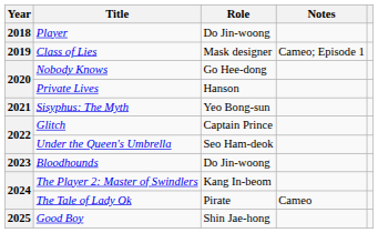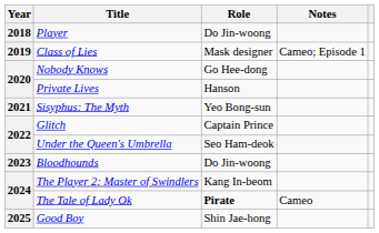 <table class="wikitable plainrowheaders sortable">
 <tr>
 <th scope="col">Year</th>
 <th scope="col">Title</th>
 <th scope="col">Role</th>
 <th scope="col" class="unsortable">Notes</th>
 <th scope="col" class="unsortable"></th>
 </tr>
 <tr>
 <th scope="row">2018</th>
 <td><em><a href='#'>Player</a></em></td>
 <td>Do Jin-woong</td>
 <td></td>
 <td style="text-align:center"></td>
 </tr>
 <tr>
 <th scope="row">2019</th>
 <td><a href='#'><em>Class of Lies</em></a></td>
 <td>Mask designer</td>
 <td>Cameo; Episode 1</td>
 <td style="text-align:center"></td>
 </tr>
 <tr>
 <th scope="row" rowspan="2">2020</th>
 <td><a href='#'><em>Nobody Knows</em></a></td>
 <td>Go Hee-dong</td>
 <td></td>
 <td style="text-align:center"></td>
 </tr>
 <tr>
 <td><a href='#'><em>Private Lives</em></a></td>
 <td>Hanson</td>
 <td></td>
 <td style="text-align:center"></td>
 </tr>
 <tr>
 <th scope="row">2021</th>
 <td><a href='#'><em>Sisyphus: The Myth</em></a></td>
 <td>Yeo Bong-sun</td>
 <td></td>
 <td style="text-align:center"></td>
 </tr>
 <tr>
 <th scope="row" rowspan="2">2022</th>
 <td><em><a href='#'>Glitch</a></em></td>
 <td>Captain Prince</td>
 <td></td>
 <td style="text-align:center"></td>
 </tr>
 <tr>
 <td><a href='#'><em>Under the Queen's Umbrella</em></a></td>
 <td>Seo Ham-deok</td>
 <td></td>
 <td style="text-align:center"></td>
 </tr>
 <tr>
 <th scope="row">2023</th>
 <td><em><a href='#'>Bloodhounds</a></em></td>
 <td>Do Jin-woong</td>
 <td></td>
 <td style="text-align:center"></td>
 </tr>
 <tr>
 <th scope="row" rowspan="2">2024</th>
 <td><em><a href='#'>The Player 2: Master of Swindlers</a></em></td>
 <td>Kang In-beom</td>
 <td></td>
 <td style="text-align:center"></td>
 </tr>
 <tr>
 <td><em><a href='#'>The Tale of Lady Ok</a></em></td>
-<td>Pirate</td>
+<td><strong>Pirate</strong></td>
 <td>Cameo</td>
 <td style="text-align: center"></td>
 </tr>
 <tr>
 <th scope="row">2025</th>
 <td><em><a href='#'>Good Boy</a></em></td>
 <td>Shin Jae-hong</td>
 <td></td>
 <td style="text-align:center"></td>
 </tr>
 </table>
